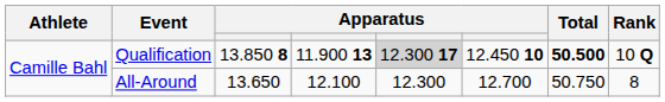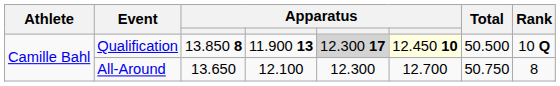 <table class="wikitable" style="font-size:90%">
 <tr>
 <th rowspan=2>Athlete</th>
 <th rowspan=2>Event</th>
 <th colspan =4>Apparatus</th>
 <th rowspan=2>Total</th>
 <th rowspan=2>Rank</th>
 </tr>
 <tr style="font-size:95%">
 <th></th>
 <th></th>
 <th></th>
 <th></th>
 </tr>
 <tr align=center>
 <td align=left rowspan=2><a href='#'>Camille Bahl</a></td>
 <td align=left><a href='#'>Qualification</a></td>
 <td>13.850	<strong>8 	</strong></td>
 <td>11.900	<strong>13</strong></td>
 <td style="background: lightgrey;">12.300	<strong>17</strong></td>
-<td>12.450	<strong>10</strong></td>
-<td><strong>50.500</strong></td>
+<td style="background: lightyellow;">12.450	<strong>10</strong></td>
+<td>50.500</td>
 <td>10 <strong>Q</strong></td>
 </tr>
 <tr align=center>
 <td align=left><a href='#'>All-Around</a></td>
 <td>13.650</td>
 <td>12.100</td>
 <td>12.300</td>
 <td>12.700</td>
 <td>50.750</td>
 <td>8</td>
 </tr>
 </table>
